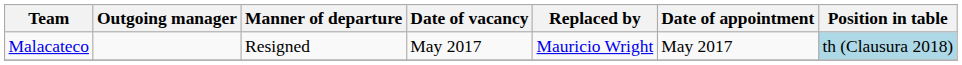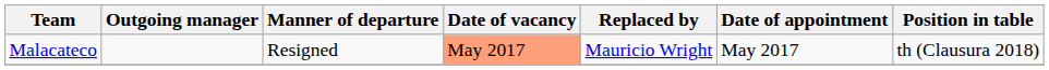 <table class="wikitable">
 <tr>
 <th>Team</th>
 <th>Outgoing manager</th>
 <th>Manner of departure</th>
 <th>Date of vacancy</th>
 <th>Replaced by</th>
 <th>Date of appointment</th>
 <th>Position in table</th>
 </tr>
 <tr>
 <td><a href='#'>Malacateco</a></td>
 <td></td>
 <td>Resigned</td>
-<td>May 2017</td>
+<td style="background: lightsalmon;">May 2017</td>
 <td> <a href='#'>Mauricio Wright</a></td>
 <td>May 2017</td>
-<td style="background: lightblue;">th (Clausura 2018)</td>
+<td>th (Clausura 2018)</td>
 </tr>
 <tr>
 </tr>
 </table>
